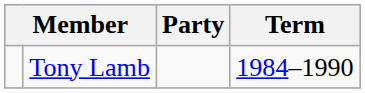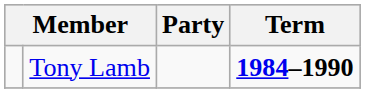 <table class="wikitable">
 <tr>
 <th colspan="2">Member</th>
 <th>Party</th>
 <th>Term</th>
 </tr>
 <tr>
 <td> </td>
 <td><a href='#'>Tony Lamb</a></td>
 <td></td>
-<td><a href='#'>1984</a>–1990</td>
+<td><strong><a href='#'>1984</a>–1990</strong></td>
 </tr>
 </table>
